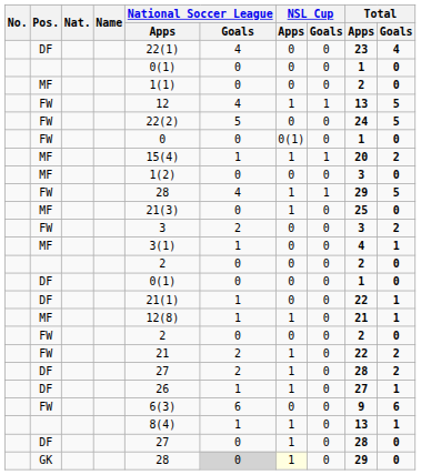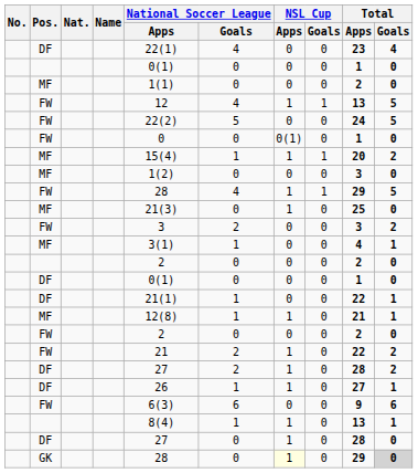 <table class="wikitable sortable" style="text-align:center">
 <tr>
 <th rowspan="2">No.</th>
 <th rowspan="2">Pos.</th>
 <th rowspan="2">Nat.</th>
 <th rowspan="2">Name</th>
 <th colspan="2"><a href='#'>National Soccer League</a></th>
 <th colspan="2"><a href='#'>NSL Cup</a></th>
 <th colspan="2">Total</th>
 </tr>
 <tr>
 <th>Apps</th>
 <th>Goals</th>
 <th>Apps</th>
 <th>Goals</th>
 <th>Apps</th>
 <th>Goals</th>
 </tr>
 <tr>
 <td></td>
 <td>DF</td>
 <td></td>
 <td align=left></td>
 <td>22(1)</td>
 <td>4</td>
 <td>0</td>
 <td>0</td>
 <td><strong>23</strong></td>
 <td><strong>4</strong></td>
 </tr>
 <tr>
 <td></td>
 <td></td>
 <td></td>
 <td align=left></td>
 <td>0(1)</td>
 <td>0</td>
 <td>0</td>
 <td>0</td>
 <td><strong>1</strong></td>
 <td><strong>0</strong></td>
 </tr>
 <tr>
 <td></td>
 <td>MF</td>
 <td></td>
 <td align=left></td>
 <td>1(1)</td>
 <td>0</td>
 <td>0</td>
 <td>0</td>
 <td><strong>2</strong></td>
 <td><strong>0</strong></td>
 </tr>
 <tr>
 <td></td>
 <td>FW</td>
 <td></td>
 <td align=left></td>
 <td>12</td>
 <td>4</td>
 <td>1</td>
 <td>1</td>
 <td><strong>13</strong></td>
 <td><strong>5</strong></td>
 </tr>
 <tr>
 <td></td>
 <td>FW</td>
 <td></td>
 <td align=left></td>
 <td>22(2)</td>
 <td>5</td>
 <td>0</td>
 <td>0</td>
 <td><strong>24</strong></td>
 <td><strong>5</strong></td>
 </tr>
 <tr>
 <td></td>
 <td>FW</td>
 <td></td>
 <td align=left></td>
 <td>0</td>
 <td>0</td>
 <td>0(1)</td>
 <td>0</td>
 <td><strong>1</strong></td>
 <td><strong>0</strong></td>
 </tr>
 <tr>
 <td></td>
 <td>MF</td>
 <td></td>
 <td align=left></td>
 <td>15(4)</td>
 <td>1</td>
 <td>1</td>
 <td>1</td>
 <td><strong>20</strong></td>
 <td><strong>2</strong></td>
 </tr>
 <tr>
 <td></td>
 <td>MF</td>
 <td></td>
 <td align=left></td>
 <td>1(2)</td>
 <td>0</td>
 <td>0</td>
 <td>0</td>
 <td><strong>3</strong></td>
 <td><strong>0</strong></td>
 </tr>
 <tr>
 <td></td>
 <td>FW</td>
 <td></td>
 <td align=left></td>
 <td>28</td>
 <td>4</td>
 <td>1</td>
 <td>1</td>
 <td><strong>29</strong></td>
 <td><strong>5</strong></td>
 </tr>
 <tr>
 <td></td>
 <td>MF</td>
 <td></td>
 <td align=left></td>
 <td>21(3)</td>
 <td>0</td>
 <td>1</td>
 <td>0</td>
 <td><strong>25</strong></td>
 <td><strong>0</strong></td>
 </tr>
 <tr>
 <td></td>
 <td>FW</td>
 <td></td>
 <td align=left></td>
 <td>3</td>
 <td>2</td>
 <td>0</td>
 <td>0</td>
 <td><strong>3</strong></td>
 <td><strong>2</strong></td>
 </tr>
 <tr>
 <td></td>
 <td>MF</td>
 <td></td>
 <td align=left></td>
 <td>3(1)</td>
 <td>1</td>
 <td>0</td>
 <td>0</td>
 <td><strong>4</strong></td>
 <td><strong>1</strong></td>
 </tr>
 <tr>
 <td></td>
 <td></td>
 <td></td>
 <td align=left></td>
 <td>2</td>
 <td>0</td>
 <td>0</td>
 <td>0</td>
 <td><strong>2</strong></td>
 <td><strong>0</strong></td>
 </tr>
 <tr>
 <td></td>
 <td>DF</td>
 <td></td>
 <td align=left></td>
 <td>0(1)</td>
 <td>0</td>
 <td>0</td>
 <td>0</td>
 <td><strong>1</strong></td>
 <td><strong>0</strong></td>
 </tr>
 <tr>
 <td></td>
 <td>DF</td>
 <td></td>
 <td align=left></td>
 <td>21(1)</td>
 <td>1</td>
 <td>0</td>
 <td>0</td>
 <td><strong>22</strong></td>
 <td><strong>1</strong></td>
 </tr>
 <tr>
 <td></td>
 <td>MF</td>
 <td></td>
 <td align=left></td>
 <td>12(8)</td>
 <td>1</td>
 <td>1</td>
 <td>0</td>
 <td><strong>21</strong></td>
 <td><strong>1</strong></td>
 </tr>
 <tr>
 <td></td>
 <td>FW</td>
 <td></td>
 <td align=left></td>
 <td>2</td>
 <td>0</td>
 <td>0</td>
 <td>0</td>
 <td><strong>2</strong></td>
 <td><strong>0</strong></td>
 </tr>
 <tr>
 <td></td>
 <td>FW</td>
 <td></td>
 <td align=left></td>
 <td>21</td>
 <td>2</td>
 <td>1</td>
 <td>0</td>
 <td><strong>22</strong></td>
 <td><strong>2</strong></td>
 </tr>
 <tr>
 <td></td>
 <td>DF</td>
 <td></td>
 <td align=left></td>
 <td>27</td>
 <td>2</td>
 <td>1</td>
 <td>0</td>
 <td><strong>28</strong></td>
 <td><strong>2</strong></td>
 </tr>
 <tr>
 <td></td>
 <td>DF</td>
 <td></td>
 <td align=left></td>
 <td>26</td>
 <td>1</td>
 <td>1</td>
 <td>0</td>
 <td><strong>27</strong></td>
 <td><strong>1</strong></td>
 </tr>
 <tr>
 <td></td>
 <td>FW</td>
 <td></td>
 <td align=left></td>
 <td>6(3)</td>
 <td>6</td>
 <td>0</td>
 <td>0</td>
 <td><strong>9</strong></td>
 <td><strong>6</strong></td>
 </tr>
 <tr>
 <td></td>
 <td></td>
 <td></td>
 <td align=left></td>
 <td>8(4)</td>
 <td>1</td>
 <td>1</td>
 <td>0</td>
 <td><strong>13</strong></td>
 <td><strong>1</strong></td>
 </tr>
 <tr>
 <td></td>
 <td>DF</td>
 <td></td>
 <td align=left></td>
 <td>27</td>
 <td>0</td>
 <td>1</td>
 <td>0</td>
 <td><strong>28</strong></td>
 <td><strong>0</strong></td>
 </tr>
 <tr>
 <td></td>
 <td>GK</td>
 <td></td>
 <td align=left></td>
 <td>28</td>
-<td style="background: lightgrey;">0</td>
+<td>0</td>
 <td style="background: lightyellow;">1</td>
 <td>0</td>
 <td><strong>29</strong></td>
-<td><strong>0</strong></td>
+<td style="background: lightgrey;"><strong>0</strong></td>
 </tr>
 </table>
